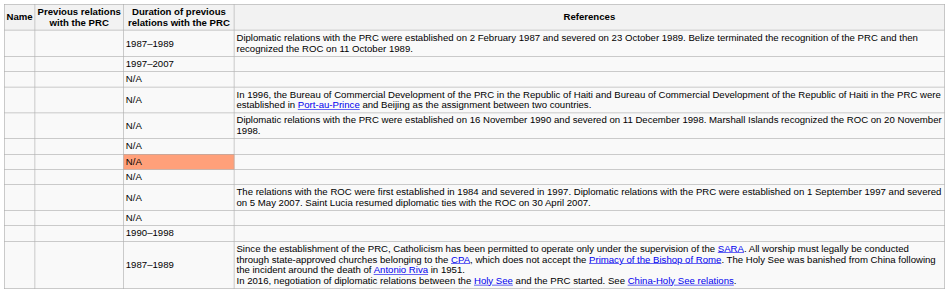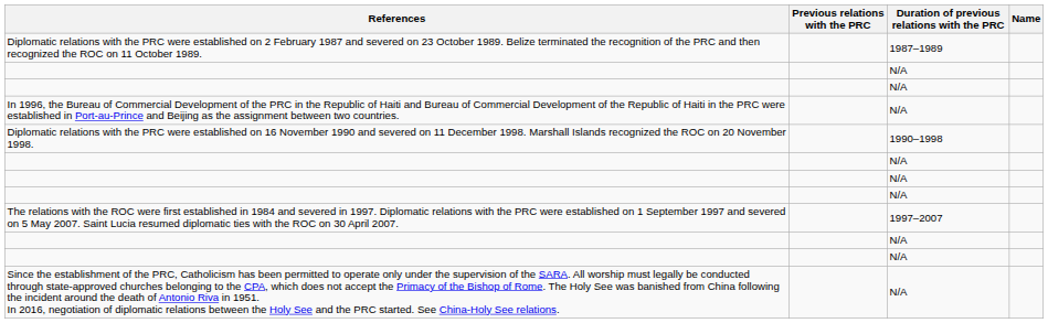 <table class="wikitable static-row-numbers sticky-header col1left">
 <tr>
-<th>Name</th>
+<th>References</th>
 <th>Previous relations with the PRC</th>
 <th>Duration of previous relations with the PRC</th>
-<th>References</th>
+<th>Name</th>
+</tr>
+<tr>
+<td>Diplomatic relations with the PRC were established on 2 February 1987 and severed on 23 October 1989. Belize terminated the recognition of the PRC and then recognized the ROC on 11 October 1989.</td>
+<td></td>
+<td>1987–1989</td>
+<td></td>
 </tr>
 <tr>
 <td></td>
 <td></td>
-<td>1987–1989</td>
-<td>Diplomatic relations with the PRC were established on 2 February 1987 and severed on 23 October 1989. Belize terminated the recognition of the PRC and then recognized the ROC on 11 October 1989.</td>
+<td>N/A</td>
+<td></td>
 </tr>
 <tr>
 <td></td>
+<td></td>
+<td>N/A</td>
+<td></td>
+</tr>
+<tr>
+<td>In 1996, the Bureau of Commercial Development of the PRC in the Republic of Haiti and Bureau of Commercial Development of the Republic of Haiti in the PRC were established in <a href='#'>Port-au-Prince</a> and Beijing as the assignment between two countries.</td>
+<td></td>
+<td>N/A</td>
+<td></td>
+</tr>
+<tr>
+<td>Diplomatic relations with the PRC were established on 16 November 1990 and severed on 11 December 1998. Marshall Islands recognized the ROC on 20 November 1998.</td>
+<td></td>
+<td>1990–1998</td>
+<td></td>
+</tr>
+<tr>
+<td></td>
+<td></td>
+<td>N/A</td>
+<td></td>
+</tr>
+<tr>
+<td></td>
+<td></td>
+<td>N/A</td>
+<td></td>
+</tr>
+<tr>
+<td></td>
+<td></td>
+<td>N/A</td>
+<td></td>
+</tr>
+<tr>
+<td>The relations with the ROC were first established in 1984 and severed in 1997.  Diplomatic relations with the PRC were established on 1 September 1997 and severed on 5 May 2007. Saint Lucia resumed diplomatic ties with the ROC on 30 April 2007.</td>
 <td></td>
 <td>1997–2007</td>
 <td></td>
 </tr>
 <tr>
 <td></td>
 <td></td>
 <td>N/A</td>
 <td></td>
 </tr>
 <tr>
 <td></td>
 <td></td>
 <td>N/A</td>
-<td>In 1996, the Bureau of Commercial Development of the PRC in the Republic of Haiti and Bureau of Commercial Development of the Republic of Haiti in the PRC were established in <a href='#'>Port-au-Prince</a> and Beijing as the assignment between two countries.</td>
+<td></td>
 </tr>
 <tr>
-<td></td>
-<td></td>
-<td>N/A</td>
-<td>Diplomatic relations with the PRC were established on 16 November 1990 and severed on 11 December 1998. Marshall Islands recognized the ROC on 20 November 1998.</td>
-</tr>
-<tr>
-<td></td>
+<td>Since the establishment of the PRC, Catholicism has been permitted to operate only under the supervision of the <a href='#'>SARA</a>. All worship must legally be conducted through state-approved churches belonging to the <a href='#'>CPA</a>, which does not accept the <a href='#'>Primacy of the Bishop of Rome</a>. The Holy See was banished from China following the incident around the death of <a href='#'>Antonio Riva</a> in 1951.<br>In 2016, negotiation of diplomatic relations between the <a href='#'>Holy See</a> and the PRC started. See <a href='#'>China-Holy See relations</a>.</td>
 <td></td>
 <td>N/A</td>
 <td></td>
 </tr>
-<tr>
-<td></td>
-<td></td>
-<td style="background: lightsalmon;">N/A</td>
-<td></td>
-</tr>
-<tr>
-<td></td>
-<td></td>
-<td>N/A</td>
-<td></td>
-</tr>
-<tr>
-<td></td>
-<td></td>
-<td>N/A</td>
-<td>The relations with the ROC were first established in 1984 and severed in 1997.  Diplomatic relations with the PRC were established on 1 September 1997 and severed on 5 May 2007. Saint Lucia resumed diplomatic ties with the ROC on 30 April 2007.</td>
-</tr>
-<tr>
-<td></td>
-<td></td>
-<td>N/A</td>
-<td></td>
-</tr>
-<tr>
-<td></td>
-<td></td>
-<td>1990–1998</td>
-<td></td>
-</tr>
-<tr>
-<td></td>
-<td></td>
-<td>1987–1989</td>
-<td>Since the establishment of the PRC, Catholicism has been permitted to operate only under the supervision of the <a href='#'>SARA</a>. All worship must legally be conducted through state-approved churches belonging to the <a href='#'>CPA</a>, which does not accept the <a href='#'>Primacy of the Bishop of Rome</a>. The Holy See was banished from China following the incident around the death of <a href='#'>Antonio Riva</a> in 1951.<br>In 2016, negotiation of diplomatic relations between the <a href='#'>Holy See</a> and the PRC started. See <a href='#'>China-Holy See relations</a>.</td>
-</tr>
 </table>
